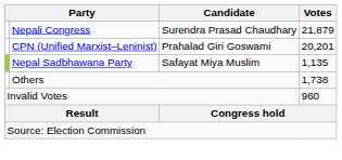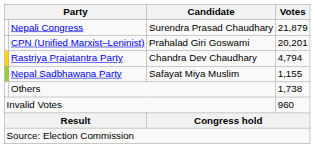 <table class="wikitable">
 <tr>
 <th colspan="2">Party</th>
 <th>Candidate</th>
 <th>Votes</th>
 </tr>
 <tr>
 <td style="background-color:"></td>
 <td><a href='#'>Nepali Congress</a></td>
 <td>Surendra Prasad Chaudhary</td>
 <td>21,879</td>
 </tr>
 <tr>
 <td style="background-color:"></td>
 <td><a href='#'>CPN (Unified Marxist–Leninist)</a></td>
 <td>Prahalad Giri Goswami</td>
 <td>20,201</td>
 </tr>
 <tr>
+<td style="background-color:gold"></td>
+<td><a href='#'>Rastriya Prajatantra Party</a></td>
+<td>Chandra Dev Chaudhary</td>
+<td>4,794</td>
+</tr>
+<tr>
 <td style="background-color:yellowgreen"></td>
 <td><a href='#'>Nepal Sadbhawana Party</a></td>
 <td>Safayat Miya Muslim</td>
-<td>1,135</td>
+<td>1,155</td>
 </tr>
 <tr>
 <td></td>
 <td colspan="2">Others</td>
 <td>1,738</td>
 </tr>
 <tr>
 <td colspan="3">Invalid Votes</td>
 <td>960</td>
 </tr>
 <tr>
 <th colspan="2">Result</th>
 <th colspan="2">Congress hold</th>
 </tr>
 <tr>
 <td colspan="4">Source: Election Commission</td>
 </tr>
 </table>
